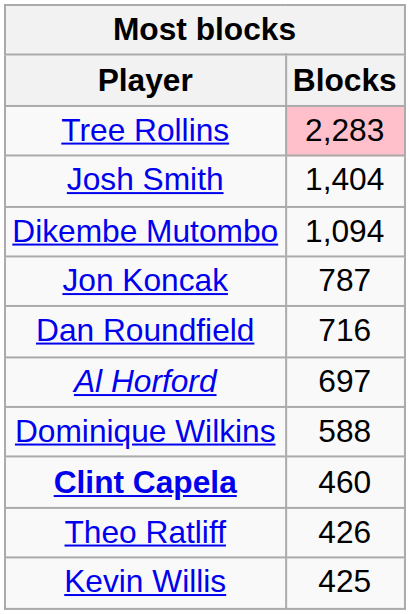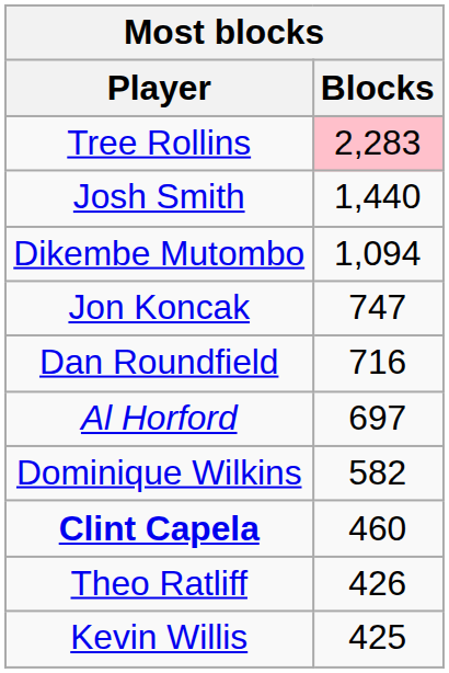 <table class="wikitable sortable" style="text-align:center">
 <tr>
 <th colspan="2">Most blocks</th>
 </tr>
 <tr>
 <th>Player</th>
 <th>Blocks</th>
 </tr>
 <tr>
 <td><a href='#'>Tree Rollins</a></td>
 <td style="background: pink;">2,283</td>
 </tr>
 <tr>
 <td><a href='#'>Josh Smith</a></td>
-<td>1,404</td>
+<td>1,440</td>
 </tr>
 <tr>
 <td><a href='#'>Dikembe Mutombo</a></td>
 <td>1,094</td>
 </tr>
 <tr>
 <td><a href='#'>Jon Koncak</a></td>
-<td>787</td>
+<td>747</td>
 </tr>
 <tr>
 <td><a href='#'>Dan Roundfield</a></td>
 <td>716</td>
 </tr>
 <tr>
 <td><em><a href='#'>Al Horford</a></em></td>
 <td>697</td>
 </tr>
 <tr>
 <td><a href='#'>Dominique Wilkins</a></td>
-<td>588</td>
+<td>582</td>
 </tr>
 <tr>
 <td><strong><a href='#'>Clint Capela</a></strong></td>
 <td>460</td>
 </tr>
 <tr>
 <td><a href='#'>Theo Ratliff</a></td>
 <td>426</td>
 </tr>
 <tr>
 <td><a href='#'>Kevin Willis</a></td>
 <td>425</td>
 </tr>
 </table>
